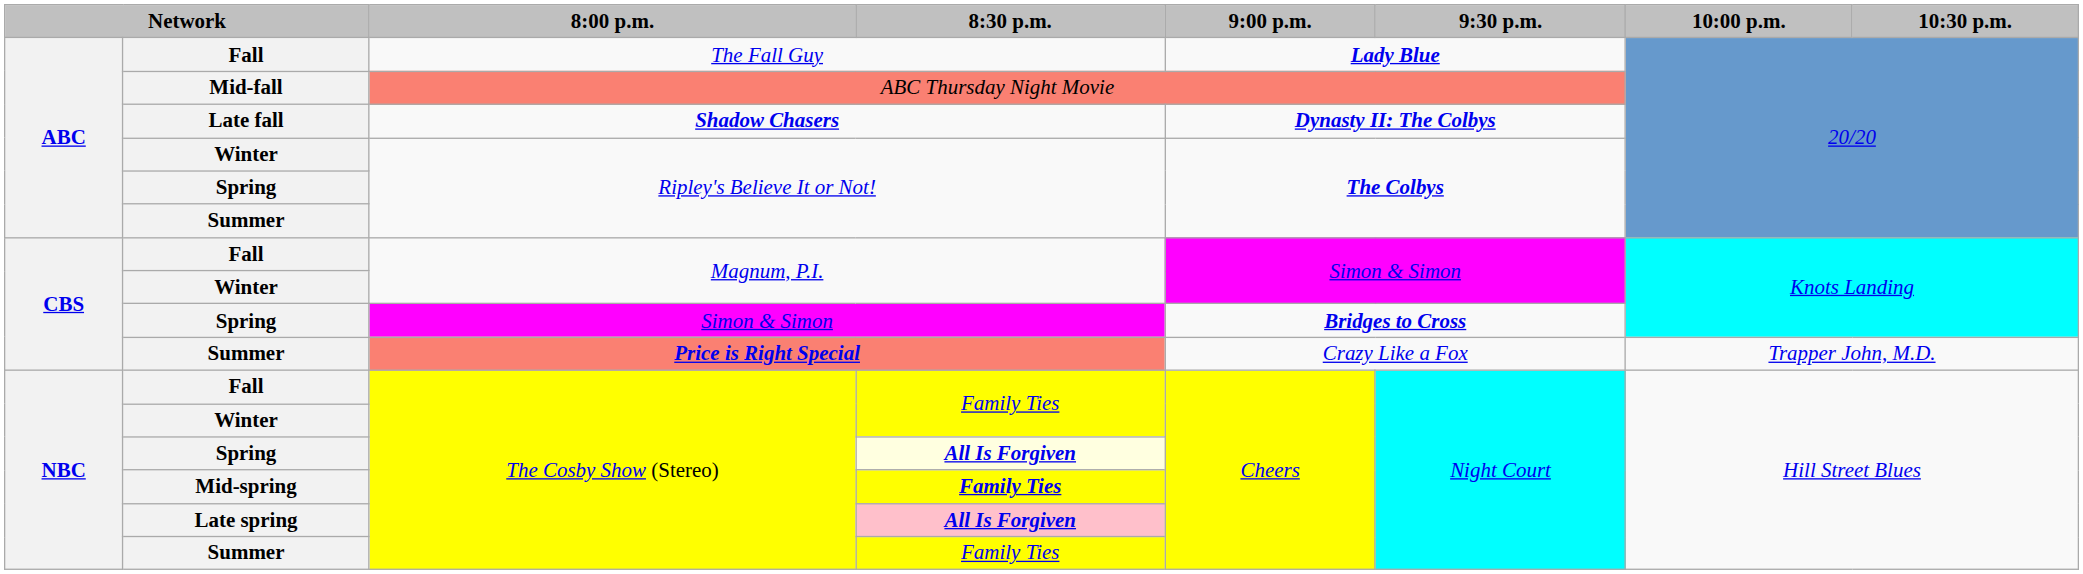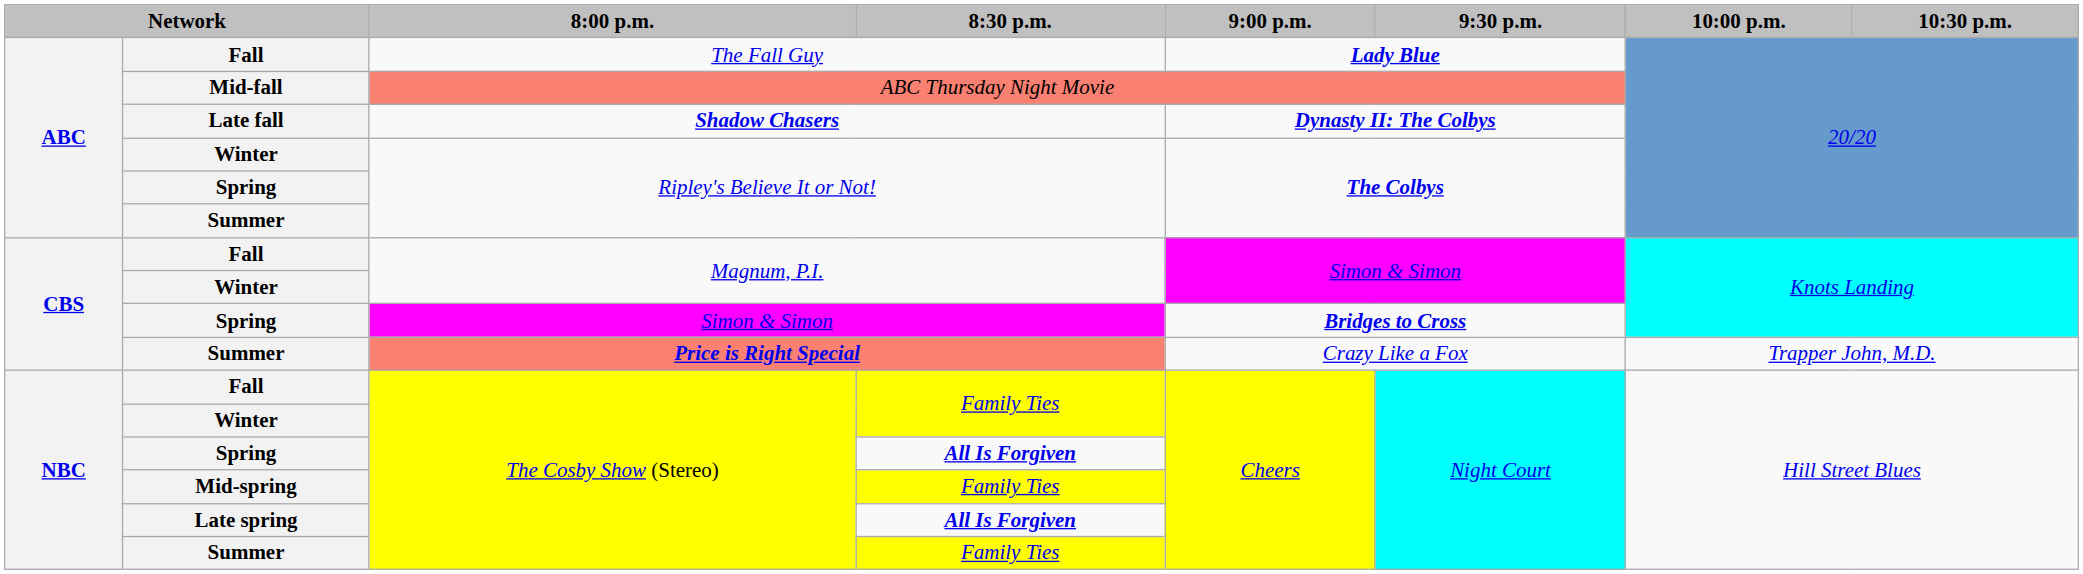 <table class="wikitable" style="width:100%;margin-right:0;text-align:center">
 <tr>
 <th colspan="2" style="background-color:#C0C0C0;text-align:center;width">Network</th>
 <th style="background-color:#C0C0C0;text-align:center">8:00 p.m.</th>
 <th style="background-color:#C0C0C0;text-align:center">8:30 p.m.</th>
 <th style="background-color:#C0C0C0;text-align:center">9:00 p.m.</th>
 <th style="background-color:#C0C0C0;text-align:center">9:30 p.m.</th>
 <th style="background-color:#C0C0C0;text-align:center">10:00 p.m.</th>
 <th style="background-color:#C0C0C0;text-align:center">10:30 p.m.</th>
 </tr>
 <tr>
 <th rowspan="6"><a href='#'>ABC</a></th>
 <th>Fall</th>
 <td colspan="2"><em><a href='#'>The Fall Guy</a></em></td>
 <td colspan="2"><strong><em><a href='#'>Lady Blue</a></em></strong></td>
 <td rowspan="6" colspan="2" style="background:#6699CC;"><em><a href='#'>20/20</a></em></td>
 </tr>
 <tr>
 <th>Mid-fall</th>
 <td colspan="4" style="background:#FA8072;"><em>ABC Thursday Night Movie</em></td>
 </tr>
 <tr>
 <th>Late fall</th>
 <td colspan="2"><strong><em><a href='#'>Shadow Chasers</a></em></strong></td>
 <td colspan="2"><strong><em><a href='#'>Dynasty II: The Colbys</a></em></strong></td>
 </tr>
 <tr>
 <th>Winter</th>
 <td colspan="2" rowspan="3"><em><a href='#'>Ripley's Believe It or Not!</a></em></td>
 <td colspan="2" rowspan="3"><strong><em><a href='#'>The Colbys</a></em></strong></td>
 </tr>
 <tr>
 <th>Spring</th>
 </tr>
 <tr>
 <th>Summer</th>
 </tr>
 <tr>
 <th rowspan="4"><a href='#'>CBS</a></th>
 <th>Fall</th>
 <td colspan="2" rowspan="2"><em><a href='#'>Magnum, P.I.</a></em></td>
 <td style="background:#FF00FF;" colspan="2" rowspan="2"><em><a href='#'>Simon & Simon</a></em> </td>
 <td colspan="2" rowspan="3" style="background:#00FFFF;"><em><a href='#'>Knots Landing</a></em> </td>
 </tr>
 <tr>
 <th>Winter</th>
 </tr>
 <tr>
 <th>Spring</th>
 <td style="background:#FF00FF;" colspan="2"><em><a href='#'>Simon & Simon</a></em> </td>
 <td colspan="2"><strong><em><a href='#'>Bridges to Cross</a></em></strong></td>
 </tr>
 <tr>
 <th>Summer</th>
 <td colspan="2" style="background:#FA8072;"><strong><em><a href='#'>Price is Right Special</a></em></strong></td>
 <td colspan="2"><em><a href='#'>Crazy Like a Fox</a></em></td>
 <td colspan="2"><em><a href='#'>Trapper John, M.D.</a></em></td>
 </tr>
 <tr>
 <th rowspan="6"><a href='#'>NBC</a></th>
 <th>Fall</th>
 <td style="background:#FFFF00;" rowspan="6"><em><a href='#'>The Cosby Show</a></em> (Stereo)<br></td>
 <td style="background:#FFFF00;" rowspan="2"><em><a href='#'>Family Ties</a></em> </td>
 <td style="background:#FFFF00;" rowspan="6"><em><a href='#'>Cheers</a></em> </td>
 <td style="background:#00FFFF;" rowspan="6"><em><a href='#'>Night Court</a></em> </td>
 <td rowspan="6" colspan="2"><em><a href='#'>Hill Street Blues</a></em></td>
 </tr>
 <tr>
 <th>Winter</th>
 </tr>
 <tr>
 <th>Spring</th>
-<td style="background: lightyellow;"><strong><em><a href='#'>All Is Forgiven</a></em></strong></td>
+<td><strong><em><a href='#'>All Is Forgiven</a></em></strong></td>
 </tr>
 <tr>
 <th>Mid-spring</th>
-<td style="background:#FFFF00;"><strong><em><a href='#'>Family Ties</a></em> </strong></td>
+<td style="background:#FFFF00;"><em><a href='#'>Family Ties</a></em> </td>
 </tr>
 <tr>
 <th>Late spring</th>
-<td style="background: pink;"><strong><em><a href='#'>All Is Forgiven</a></em></strong></td>
+<td><strong><em><a href='#'>All Is Forgiven</a></em></strong></td>
 </tr>
 <tr>
 <th>Summer</th>
 <td style="background:#FFFF00;"><em><a href='#'>Family Ties</a></em> </td>
 </tr>
 </table>
